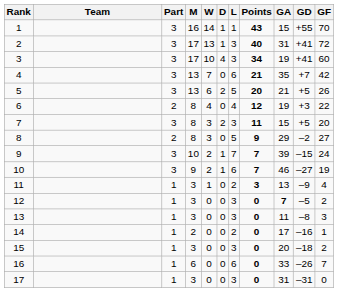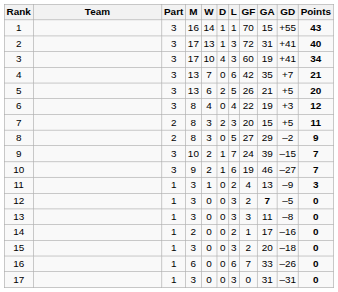 <table class="wikitable sortable" style="text-align:center">
 <tr>
 <th>Rank</th>
 <th width=200>Team</th>
 <th>Part</th>
 <th>M</th>
 <th>W</th>
 <th>D</th>
 <th>L</th>
-<th>Points</th>
+<th>GF</th>
 <th>GA</th>
 <th>GD</th>
-<th>GF</th>
+<th>Points</th>
 </tr>
 <tr>
 <td>1</td>
 <td align=left></td>
 <td>3</td>
 <td>16</td>
 <td>14</td>
 <td>1</td>
 <td>1</td>
-<td><strong>43</strong></td>
+<td>70</td>
 <td>15</td>
 <td>+55</td>
-<td>70</td>
+<td><strong>43</strong></td>
 </tr>
 <tr>
 <td>2</td>
 <td align=left></td>
 <td>3</td>
 <td>17</td>
 <td>13</td>
 <td>1</td>
 <td>3</td>
-<td><strong>40</strong></td>
+<td>72</td>
 <td>31</td>
 <td>+41</td>
-<td>72</td>
+<td><strong>40</strong></td>
 </tr>
 <tr>
 <td>3</td>
 <td align=left></td>
 <td>3</td>
 <td>17</td>
 <td>10</td>
 <td>4</td>
 <td>3</td>
-<td><strong>34</strong></td>
+<td>60</td>
 <td>19</td>
 <td>+41</td>
-<td>60</td>
+<td><strong>34</strong></td>
 </tr>
 <tr>
 <td>4</td>
 <td align=left></td>
 <td>3</td>
 <td>13</td>
 <td>7</td>
 <td>0</td>
 <td>6</td>
-<td><strong>21</strong></td>
+<td>42</td>
 <td>35</td>
 <td>+7</td>
-<td>42</td>
+<td><strong>21</strong></td>
 </tr>
 <tr>
 <td>5</td>
 <td align=left></td>
 <td>3</td>
 <td>13</td>
 <td>6</td>
 <td>2</td>
 <td>5</td>
-<td><strong>20</strong></td>
+<td>26</td>
 <td>21</td>
 <td>+5</td>
-<td>26</td>
+<td><strong>20</strong></td>
 </tr>
 <tr>
 <td>6</td>
 <td align=left></td>
-<td>2</td>
+<td>3</td>
 <td>8</td>
 <td>4</td>
 <td>0</td>
 <td>4</td>
-<td><strong>12</strong></td>
+<td>22</td>
 <td>19</td>
 <td>+3</td>
-<td>22</td>
+<td><strong>12</strong></td>
 </tr>
 <tr>
 <td>7</td>
 <td align=left></td>
-<td>3</td>
+<td>2</td>
 <td>8</td>
 <td>3</td>
 <td>2</td>
 <td>3</td>
-<td><strong>11</strong></td>
+<td>20</td>
 <td>15</td>
 <td>+5</td>
-<td>20</td>
+<td><strong>11</strong></td>
 </tr>
 <tr>
 <td>8</td>
 <td align=left></td>
 <td>2</td>
 <td>8</td>
 <td>3</td>
 <td>0</td>
 <td>5</td>
-<td><strong>9</strong></td>
+<td>27</td>
 <td>29</td>
 <td>–2</td>
-<td>27</td>
+<td><strong>9</strong></td>
 </tr>
 <tr>
 <td>9</td>
 <td align=left></td>
 <td>3</td>
 <td>10</td>
 <td>2</td>
 <td>1</td>
 <td>7</td>
-<td><strong>7</strong></td>
+<td>24</td>
 <td>39</td>
 <td>–15</td>
-<td>24</td>
+<td><strong>7</strong></td>
 </tr>
 <tr>
 <td>10</td>
 <td align=left></td>
 <td>3</td>
 <td>9</td>
 <td>2</td>
 <td>1</td>
 <td>6</td>
-<td><strong>7</strong></td>
+<td>19</td>
 <td>46</td>
 <td>–27</td>
-<td>19</td>
+<td><strong>7</strong></td>
 </tr>
 <tr>
 <td>11</td>
 <td align=left></td>
 <td>1</td>
 <td>3</td>
 <td>1</td>
 <td>0</td>
 <td>2</td>
-<td><strong>3</strong></td>
+<td>4</td>
 <td>13</td>
 <td>–9</td>
-<td>4</td>
+<td><strong>3</strong></td>
 </tr>
 <tr>
 <td>12</td>
 <td align=left></td>
 <td>1</td>
 <td>3</td>
 <td>0</td>
 <td>0</td>
 <td>3</td>
-<td><strong>0</strong></td>
+<td>2</td>
 <td><strong>7</strong></td>
 <td>–5</td>
-<td>2</td>
+<td><strong>0</strong></td>
 </tr>
 <tr>
 <td>13</td>
 <td align=left></td>
 <td>1</td>
 <td>3</td>
 <td>0</td>
 <td>0</td>
 <td>3</td>
-<td><strong>0</strong></td>
+<td>3</td>
 <td>11</td>
 <td>–8</td>
-<td>3</td>
+<td><strong>0</strong></td>
 </tr>
 <tr>
 <td>14</td>
 <td align=left></td>
 <td>1</td>
 <td>2</td>
 <td>0</td>
 <td>0</td>
 <td>2</td>
-<td><strong>0</strong></td>
+<td>1</td>
 <td>17</td>
 <td>–16</td>
-<td>1</td>
+<td><strong>0</strong></td>
 </tr>
 <tr>
 <td>15</td>
 <td align=left></td>
 <td>1</td>
 <td>3</td>
 <td>0</td>
 <td>0</td>
 <td>3</td>
-<td><strong>0</strong></td>
+<td>2</td>
 <td>20</td>
 <td>–18</td>
-<td>2</td>
+<td><strong>0</strong></td>
 </tr>
 <tr>
 <td>16</td>
 <td align=left></td>
 <td>1</td>
 <td>6</td>
 <td>0</td>
 <td>0</td>
 <td>6</td>
-<td><strong>0</strong></td>
+<td>7</td>
 <td>33</td>
 <td>–26</td>
-<td>7</td>
+<td><strong>0</strong></td>
 </tr>
 <tr>
 <td>17</td>
 <td align=left></td>
 <td>1</td>
 <td>3</td>
 <td>0</td>
 <td>0</td>
 <td>3</td>
-<td><strong>0</strong></td>
+<td>0</td>
 <td>31</td>
 <td>–31</td>
-<td>0</td>
+<td><strong>0</strong></td>
 </tr>
 </table>
